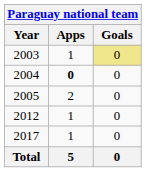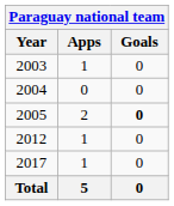 <table class="wikitable" style="text-align:center">
 <tr>
 <th colspan=3><a href='#'>Paraguay national team</a></th>
 </tr>
 <tr>
 <th>Year</th>
 <th>Apps</th>
 <th>Goals</th>
 </tr>
 <tr>
 <td>2003</td>
 <td>1</td>
-<td style="background: khaki;">0</td>
+<td>0</td>
 </tr>
 <tr>
 <td>2004</td>
-<td><strong>0</strong></td>
+<td>0</td>
 <td>0</td>
 </tr>
 <tr>
 <td>2005</td>
 <td>2</td>
-<td>0</td>
+<td><strong>0</strong></td>
 </tr>
 <tr>
 <td>2012</td>
 <td>1</td>
 <td>0</td>
 </tr>
 <tr>
 <td>2017</td>
 <td>1</td>
 <td>0</td>
 </tr>
 <tr>
 <th>Total</th>
 <th>5</th>
 <th>0</th>
 </tr>
 </table>
